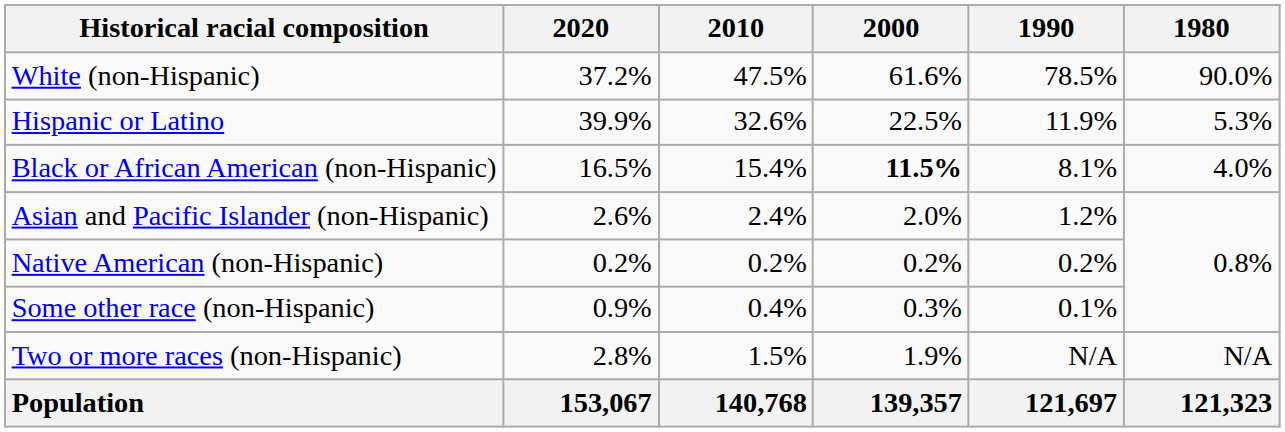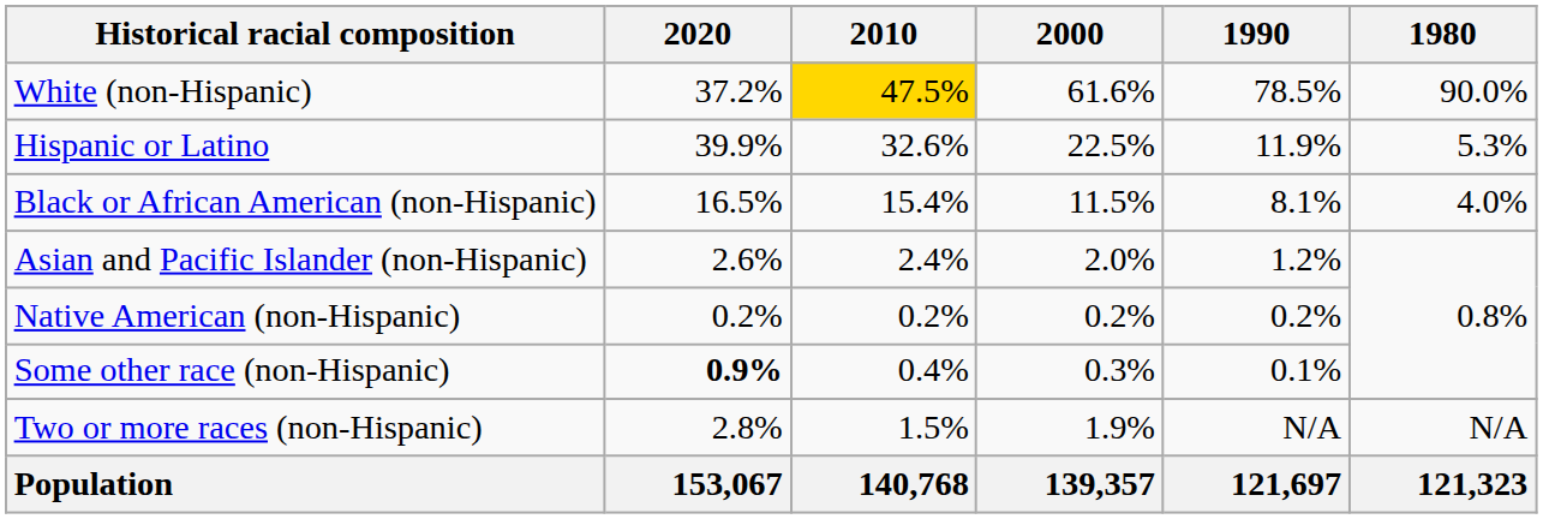 <table class="wikitable" style="font-size: 90%; text-align: right;">
 <tr>
 <th>Historical racial composition</th>
 <th style="width: 5em;">2020</th>
 <th style="width: 5em;">2010</th>
 <th style="width: 5em;">2000</th>
 <th style="width: 5em;">1990</th>
 <th style="width: 5em;">1980</th>
 </tr>
 <tr>
 <td style="text-align:left"><a href='#'>White</a> (non-Hispanic)</td>
 <td>37.2%</td>
-<td>47.5%</td>
+<td style="background: gold;">47.5%</td>
 <td>61.6%</td>
 <td>78.5%</td>
 <td>90.0%</td>
 </tr>
 <tr>
 <td style="text-align:left"><a href='#'>Hispanic or Latino</a></td>
 <td>39.9%</td>
 <td>32.6%</td>
 <td>22.5%</td>
 <td>11.9%</td>
 <td>5.3%</td>
 </tr>
 <tr>
 <td style="text-align:left"><a href='#'>Black or African American</a> (non-Hispanic)</td>
 <td>16.5%</td>
 <td>15.4%</td>
-<td><strong>11.5%</strong></td>
+<td>11.5%</td>
 <td>8.1%</td>
 <td>4.0%</td>
 </tr>
 <tr>
 <td style="text-align:left"><a href='#'>Asian</a> and <a href='#'>Pacific Islander</a> (non-Hispanic)</td>
 <td>2.6%</td>
 <td>2.4%</td>
 <td>2.0%</td>
 <td>1.2%</td>
 <td rowspan="3">0.8%</td>
 </tr>
 <tr>
 <td style="text-align:left"><a href='#'>Native American</a> (non-Hispanic)</td>
 <td>0.2%</td>
 <td>0.2%</td>
 <td>0.2%</td>
 <td>0.2%</td>
 </tr>
 <tr>
 <td style="text-align:left"><a href='#'>Some other race</a> (non-Hispanic)</td>
-<td>0.9%</td>
+<td><strong>0.9%</strong></td>
 <td>0.4%</td>
 <td>0.3%</td>
 <td>0.1%</td>
 </tr>
 <tr>
 <td style="text-align:left"><a href='#'>Two or more races</a> (non-Hispanic)</td>
 <td>2.8%</td>
 <td>1.5%</td>
 <td>1.9%</td>
 <td>N/A</td>
 <td>N/A</td>
 </tr>
 <tr>
 <th style="text-align:left">Population</th>
 <th style="text-align:right">153,067</th>
 <th style="text-align:right">140,768</th>
 <th style="text-align:right">139,357</th>
 <th style="text-align:right">121,697</th>
 <th style="text-align:right">121,323</th>
 </tr>
 </table>
